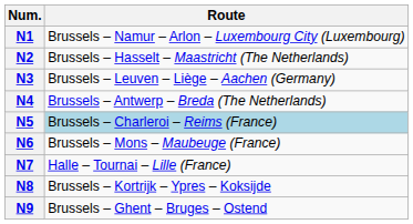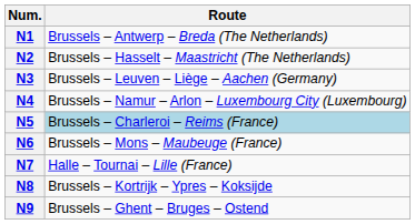 <table class="wikitable alternance">
 <tr>
 <th><abbr>Num.</abbr></th>
 <th>Route</th>
 </tr>
 <tr>
 <th><a href='#'>N1</a></th>
-<td>Brussels – <a href='#'>Namur</a> – <a href='#'>Arlon</a> – <em><a href='#'>Luxembourg City</a></em> <em>(Luxembourg)</em></td>
+<td><a href='#'>Brussels</a> – <a href='#'>Antwerp</a> – <em><a href='#'>Breda</a> (The Netherlands)</em></td>
 </tr>
 <tr>
 <th><a href='#'>N2</a></th>
 <td>Brussels – <a href='#'>Hasselt</a> – <em><a href='#'>Maastricht</a> (The Netherlands)</em></td>
 </tr>
 <tr>
 <th><a href='#'>N3</a></th>
 <td>Brussels – <a href='#'>Leuven</a> – <a href='#'>Liège</a> – <em><a href='#'>Aachen</a> (Germany)</em></td>
 </tr>
 <tr>
 <th><a href='#'>N4</a></th>
-<td><a href='#'>Brussels</a> – <a href='#'>Antwerp</a> – <em><a href='#'>Breda</a> (The Netherlands)</em></td>
+<td>Brussels – <a href='#'>Namur</a> – <a href='#'>Arlon</a> – <em><a href='#'>Luxembourg City</a></em> <em>(Luxembourg)</em></td>
 </tr>
 <tr>
 <th><a href='#'>N5</a></th>
 <td style="background: lightblue;">Brussels – <a href='#'>Charleroi</a> – <em><a href='#'>Reims</a> (France)</em></td>
 </tr>
 <tr>
 <th><a href='#'>N6</a></th>
 <td>Brussels – <a href='#'>Mons</a> – <em><a href='#'>Maubeuge</a> (France)</em></td>
 </tr>
 <tr>
 <th><a href='#'>N7</a></th>
 <td><a href='#'>Halle</a> – <a href='#'>Tournai</a> – <em><a href='#'>Lille</a> (France)</em></td>
 </tr>
 <tr>
 <th><a href='#'>N8</a></th>
 <td>Brussels – <a href='#'>Kortrijk</a> – <a href='#'>Ypres</a> – <a href='#'>Koksijde</a></td>
 </tr>
 <tr>
 <th><a href='#'>N9</a></th>
 <td>Brussels – <a href='#'>Ghent</a> – <a href='#'>Bruges</a> – <a href='#'>Ostend</a></td>
 </tr>
 </table>
